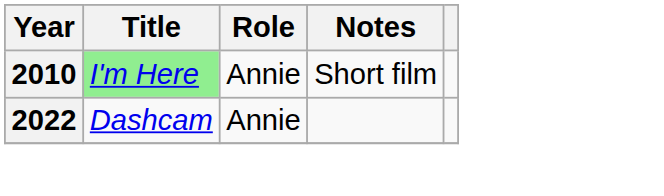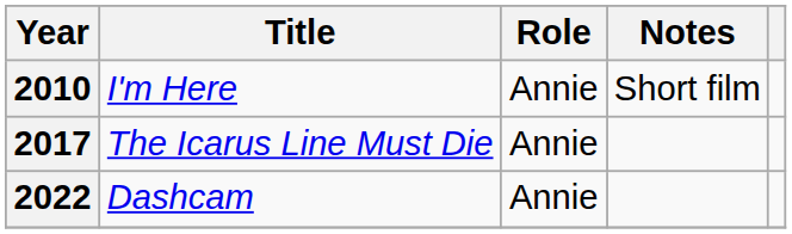 <table class="wikitable plainrowheaders sortable" style="margin-right: 0;">
 <tr>
 <th scope="col">Year</th>
 <th scope="col">Title</th>
 <th scope="col">Role</th>
 <th scope="col" class="unsortable">Notes</th>
 <th scope="col" class="unsortable"></th>
 </tr>
 <tr>
 <th scope="row">2010</th>
-<td style="background: lightgreen;"><em><a href='#'>I'm Here</a></em></td>
+<td><em><a href='#'>I'm Here</a></em></td>
 <td>Annie</td>
 <td>Short film</td>
+<td style="text-align:center;"></td>
+</tr>
+<tr>
+<th scope="row">2017</th>
+<td><em><a href='#'>The Icarus Line Must Die</a></em></td>
+<td>Annie</td>
+<td></td>
 <td style="text-align:center;"></td>
 </tr>
 <tr>
 <th scope="row">2022</th>
 <td><em><a href='#'>Dashcam</a></em></td>
 <td>Annie</td>
 <td></td>
 <td style="text-align:center;"></td>
 </tr>
 <tr>
 </tr>
 </table>
